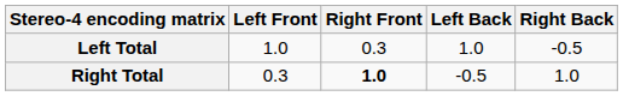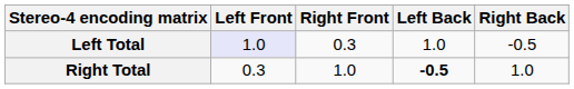 <table class="wikitable" style="text-align:center">
 <tr>
 <th>Stereo-4 encoding matrix</th>
 <th>Left Front</th>
 <th>Right Front</th>
 <th>Left Back</th>
 <th>Right Back</th>
 </tr>
 <tr>
 <th>Left Total</th>
-<td>1.0</td>
+<td style="background: lavender;">1.0</td>
 <td>0.3</td>
 <td>1.0</td>
 <td>-0.5</td>
 </tr>
 <tr>
 <th>Right  Total</th>
 <td>0.3</td>
-<td><strong>1.0</strong></td>
-<td>-0.5</td>
+<td>1.0</td>
+<td><strong>-0.5</strong></td>
 <td>1.0</td>
 </tr>
 </table>
